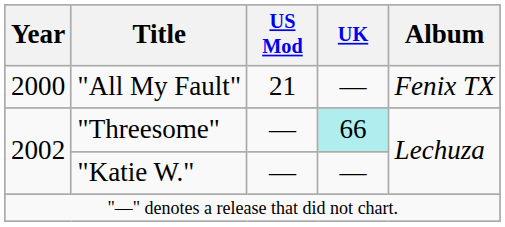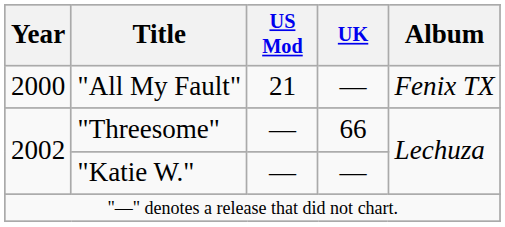 <table class="wikitable">
 <tr>
 <th>Year</th>
 <th>Title</th>
 <th style="width:3em;font-size:75%"><a href='#'>US<br>Mod</a><br></th>
 <th style="width:3em;font-size:75%"><a href='#'>UK</a><br></th>
 <th>Album</th>
 </tr>
 <tr>
 <td>2000</td>
 <td>"All My Fault"</td>
 <td style="text-align:center;">21</td>
 <td style="text-align:center;">—</td>
 <td><em>Fenix TX</em></td>
 </tr>
 <tr>
 <td rowspan="2">2002</td>
 <td>"Threesome"</td>
 <td style="text-align:center;">—</td>
-<td style="background: paleturquoise; text-align:center;">66</td>
+<td style="text-align:center;">66</td>
 <td rowspan="2"><em>Lechuza</em></td>
 </tr>
 <tr>
 <td>"Katie W."</td>
 <td style="text-align:center;">—</td>
 <td style="text-align:center;">—</td>
 </tr>
 <tr>
 <td colspan="5" style="text-align:center; font-size:8pt;">"—" denotes a release that did not chart.</td>
 </tr>
 </table>
